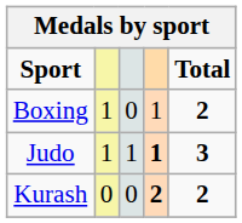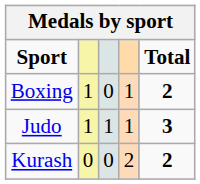 <table class=wikitable style="font-size:85%;text-align:center;float:right;clear:right;margin-left:1em;">
 <tr bgcolor=EFEFEF>
 <th colspan=7>Medals by sport</th>
 </tr>
 <tr>
 <td><strong>Sport</strong></td>
 <td bgcolor=F7F6A8></td>
 <td bgcolor=DCE5E5></td>
 <td bgcolor=FFDBA9></td>
 <td><strong>Total</strong></td>
 </tr>
 <tr>
 <td><a href='#'>Boxing</a></td>
 <td bgcolor=F7F6A8>1</td>
 <td bgcolor=DCE5E5>0</td>
 <td bgcolor=FFDAB9>1</td>
 <td><strong>2</strong></td>
 </tr>
 <tr>
 <td><a href='#'>Judo</a></td>
 <td bgcolor=F7F6A8>1</td>
 <td bgcolor=DCE5E5>1</td>
-<td bgcolor=FFDAB9><strong>1</strong></td>
+<td bgcolor=FFDAB9>1</td>
 <td><strong>3</strong></td>
 </tr>
 <tr>
 <td><a href='#'>Kurash</a></td>
 <td bgcolor=F7F6A8>0</td>
 <td bgcolor=DCE5E5>0</td>
-<td bgcolor=FFDAB9><strong>2</strong></td>
+<td bgcolor=FFDAB9>2</td>
 <td><strong>2</strong></td>
 </tr>
 </table>
